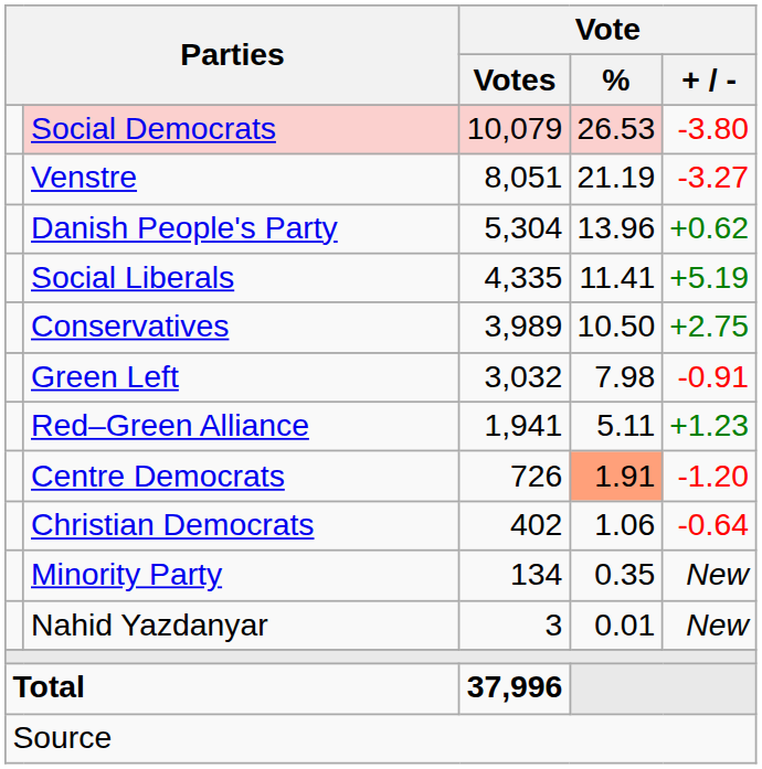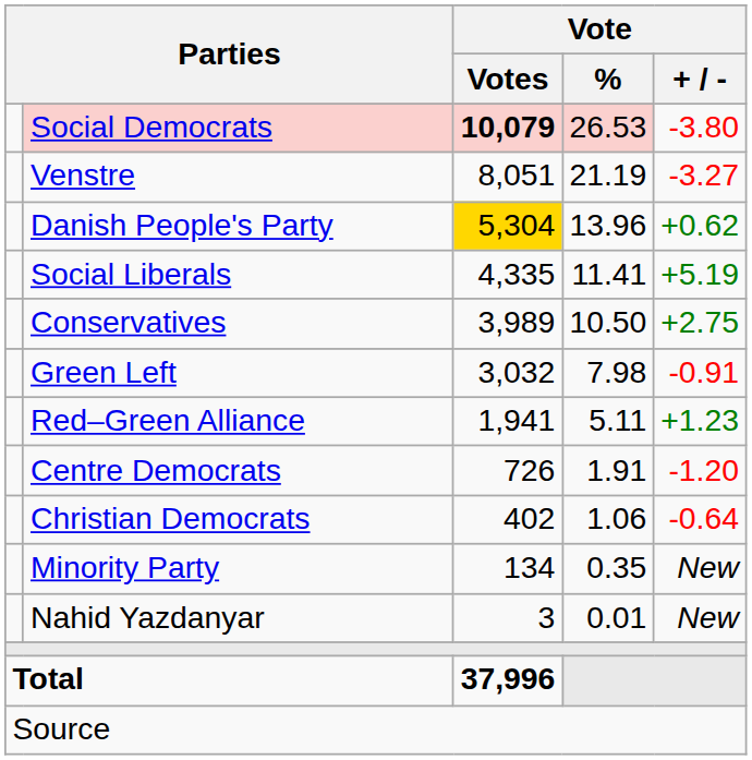 <table class="wikitable" style="text-align:right;">
 <tr>
 <th style="text-align:centre;" rowspan="2" colspan="2" width="225">Parties</th>
 <th colspan="3">Vote</th>
 </tr>
 <tr>
 <th width="15">Votes</th>
 <th width="15">%</th>
 <th width="15">+ / -</th>
 </tr>
 <tr>
 <td width="2" style="color:inherit;background:"></td>
 <td bgcolor=#fbd0ce  align="left"><a href='#'>Social Democrats</a></td>
-<td bgcolor=#fbd0ce>10,079</td>
+<td bgcolor=#fbd0ce><strong>10,079</strong></td>
 <td bgcolor=#fbd0ce>26.53</td>
 <td style=color:red;>-3.80</td>
 </tr>
 <tr>
 <td width="2" style="color:inherit;background:"></td>
 <td align="left"><a href='#'>Venstre</a></td>
 <td>8,051</td>
 <td>21.19</td>
 <td style=color:red;>-3.27</td>
 </tr>
 <tr>
 <td width="2" style="color:inherit;background:"></td>
 <td align="left"><a href='#'>Danish People's Party</a></td>
-<td>5,304</td>
+<td style="background: gold;">5,304</td>
 <td>13.96</td>
 <td style=color:green;>+0.62</td>
 </tr>
 <tr>
 <td width="2" style="color:inherit;background:"></td>
 <td align="left"><a href='#'>Social Liberals</a></td>
 <td>4,335</td>
 <td>11.41</td>
 <td style=color:green;>+5.19</td>
 </tr>
 <tr>
 <td width="2" style="color:inherit;background:"></td>
 <td align="left"><a href='#'>Conservatives</a></td>
 <td>3,989</td>
 <td>10.50</td>
 <td style=color:green;>+2.75</td>
 </tr>
 <tr>
 <td width="2" style="color:inherit;background:"></td>
 <td align="left"><a href='#'>Green Left</a></td>
 <td>3,032</td>
 <td>7.98</td>
 <td style=color:red;>-0.91</td>
 </tr>
 <tr>
 <td width="2" style="color:inherit;background:"></td>
 <td align="left"><a href='#'>Red–Green Alliance</a></td>
 <td>1,941</td>
 <td>5.11</td>
 <td style=color:green;>+1.23</td>
 </tr>
 <tr>
 <td width="2" style="color:inherit;background:"></td>
 <td align="left"><a href='#'>Centre Democrats</a></td>
 <td>726</td>
-<td style="background: lightsalmon;">1.91</td>
+<td>1.91</td>
 <td style=color:red;>-1.20</td>
 </tr>
 <tr>
 <td width="2" style="color:inherit;background:"></td>
 <td align="left"><a href='#'>Christian Democrats</a></td>
 <td>402</td>
 <td>1.06</td>
 <td style=color:red;>-0.64</td>
 </tr>
 <tr>
 <td width="2" style="color:inherit;background:"></td>
 <td align="left"><a href='#'>Minority Party</a></td>
 <td>134</td>
 <td>0.35</td>
 <td><em>New</em></td>
 </tr>
 <tr>
 <td width="2" style="color:inherit;background:"></td>
 <td align="left">Nahid Yazdanyar</td>
 <td>3</td>
 <td>0.01</td>
 <td><em>New</em></td>
 </tr>
 <tr>
 <td colspan="7" bgcolor="#E9E9E9"></td>
 </tr>
 <tr>
 <td align="left" colspan="2"><strong>Total</strong></td>
 <td><strong>37,996</strong></td>
 <td bgcolor="#E9E9E9" colspan="2"></td>
 </tr>
 <tr>
 <td align="left" colspan="6">Source</td>
 </tr>
 </table>
